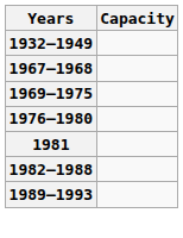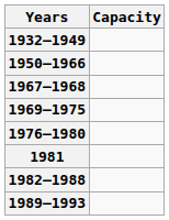 <table class="wikitable">
 <tr>
 <th scope="row">Years</th>
 <th scope="row">Capacity</th>
 </tr>
 <tr>
 <th scope="row">1932–1949</th>
+<td></td>
+</tr>
+<tr>
+<th scope="row">1950–1966</th>
 <td></td>
 </tr>
 <tr>
 <th scope="row">1967–1968</th>
 <td></td>
 </tr>
 <tr>
 <th scope="row">1969–1975</th>
 <td></td>
 </tr>
 <tr>
 <th scope="row">1976–1980</th>
 <td></td>
 </tr>
 <tr>
 <th scope="row">1981</th>
 <td></td>
 </tr>
 <tr>
 <th scope="row">1982–1988</th>
 <td></td>
 </tr>
 <tr>
 <th scope="row">1989–1993</th>
 <td></td>
 </tr>
 </table>
